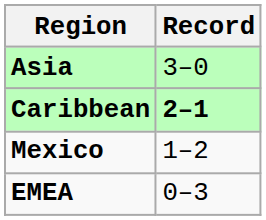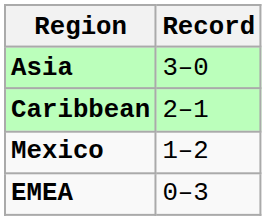 <table class="wikitable">
 <tr>
 <th>Region</th>
 <th>Record</th>
 </tr>
 <tr bgcolor=#bbffbb>
 <td><strong>Asia</strong></td>
 <td>3–0</td>
 </tr>
 <tr bgcolor=#bbffbb>
 <td><strong>Caribbean</strong></td>
-<td><strong>2–1</strong></td>
+<td>2–1</td>
 </tr>
 <tr>
 <td><strong>Mexico</strong></td>
 <td>1–2</td>
 </tr>
 <tr>
 <td><strong>EMEA</strong></td>
 <td>0–3</td>
 </tr>
 </table>
